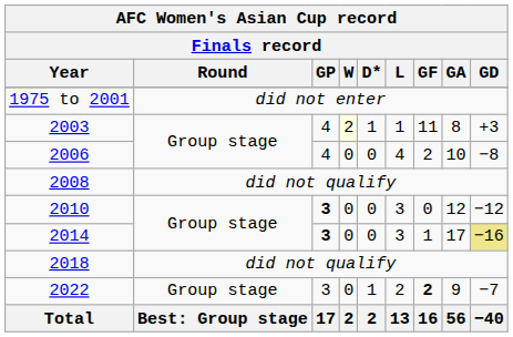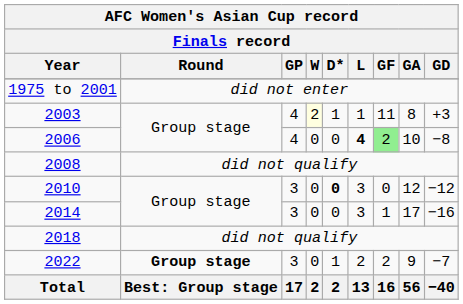 <table class="wikitable" style="text-align: center;">
 <tr>
 <th colspan=10>AFC Women's Asian Cup record</th>
 </tr>
 <tr>
 <th colspan=10><a href='#'>Finals</a> record</th>
 </tr>
 <tr>
 <th>Year</th>
 <th>Round</th>
 <th>GP</th>
 <th>W</th>
 <th>D*</th>
 <th>L</th>
 <th>GF</th>
 <th>GA</th>
 <th>GD</th>
 </tr>
 <tr>
 </tr>
 <tr>
 <td> <a href='#'>1975</a> to  <a href='#'>2001</a></td>
 <td colspan=8><em>did not enter</em></td>
 </tr>
 <tr>
 <td> <a href='#'>2003</a></td>
 <td rowspan=2>Group stage</td>
 <td>4</td>
 <td style="background: lightyellow;">2</td>
 <td>1</td>
 <td>1</td>
 <td>11</td>
 <td>8</td>
 <td>+3</td>
 </tr>
 <tr>
 <td> <a href='#'>2006</a></td>
 <td>4</td>
 <td>0</td>
 <td>0</td>
-<td>4</td>
-<td>2</td>
+<td><strong>4</strong></td>
+<td style="background: lightgreen;">2</td>
 <td>10</td>
 <td>−8</td>
 </tr>
 <tr>
 <td> <a href='#'>2008</a></td>
 <td colspan=8><em>did not qualify</em></td>
 </tr>
 <tr>
 <td> <a href='#'>2010</a></td>
 <td rowspan=2>Group stage</td>
-<td><strong>3</strong></td>
+<td>3</td>
 <td>0</td>
-<td>0</td>
+<td><strong>0</strong></td>
 <td>3</td>
 <td>0</td>
 <td>12</td>
 <td>−12</td>
 </tr>
 <tr>
 <td> <a href='#'>2014</a></td>
-<td><strong>3</strong></td>
+<td>3</td>
 <td>0</td>
 <td>0</td>
 <td>3</td>
 <td>1</td>
 <td>17</td>
-<td style="background: khaki;">−16</td>
+<td>−16</td>
 </tr>
 <tr>
 <td> <a href='#'>2018</a></td>
 <td colspan=8><em>did not qualify</em></td>
 </tr>
 <tr>
 <td> <a href='#'>2022</a></td>
-<td>Group stage</td>
+<td><strong>Group stage</strong></td>
 <td>3</td>
 <td>0</td>
 <td>1</td>
 <td>2</td>
-<td><strong>2</strong></td>
+<td>2</td>
 <td>9</td>
 <td>−7</td>
 </tr>
 <tr>
 <th><strong>Total</strong></th>
 <th><strong>Best: Group stage</strong></th>
 <th>17</th>
 <th>2</th>
 <th>2</th>
 <th>13</th>
 <th>16</th>
 <th>56</th>
 <th>−40</th>
 </tr>
 </table>
